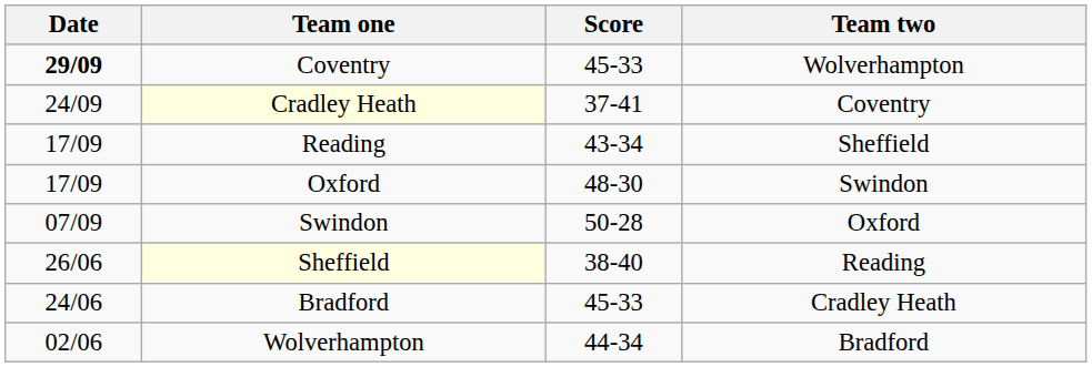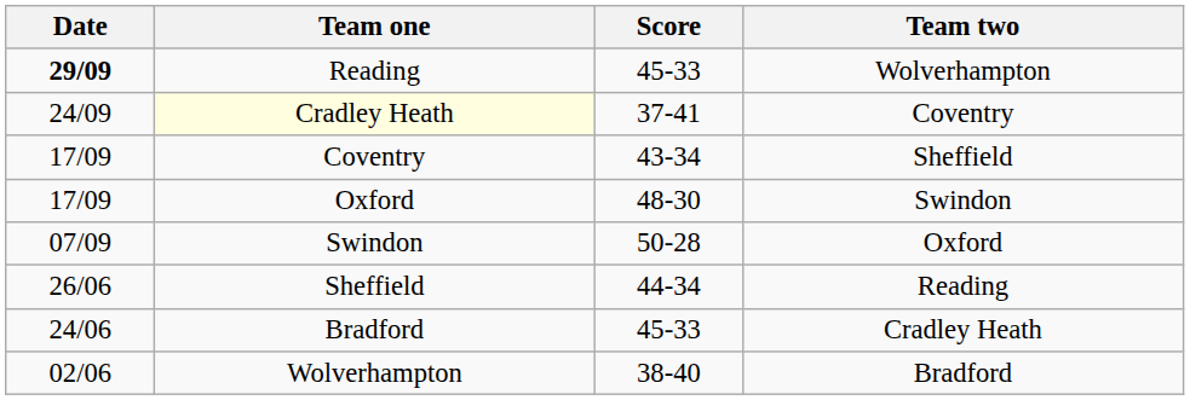 <table class="wikitable" style="text-align: center">
 <tr>
 <th width=80>Date</th>
 <th width=250>Team one</th>
 <th width=80>Score</th>
 <th width=250>Team two</th>
 </tr>
 <tr>
 <td><strong>29/09</strong></td>
-<td>Coventry</td>
+<td>Reading</td>
 <td>45-33</td>
 <td>Wolverhampton</td>
 </tr>
 <tr>
 <td>24/09</td>
 <td style="background: lightyellow;">Cradley Heath</td>
 <td>37-41</td>
 <td>Coventry</td>
 </tr>
 <tr>
 <td>17/09</td>
-<td>Reading</td>
+<td>Coventry</td>
 <td>43-34</td>
 <td>Sheffield</td>
 </tr>
 <tr>
 <td>17/09</td>
 <td>Oxford</td>
 <td>48-30</td>
 <td>Swindon</td>
 </tr>
 <tr>
 <td>07/09</td>
 <td>Swindon</td>
 <td>50-28</td>
 <td>Oxford</td>
 </tr>
 <tr>
 <td>26/06</td>
-<td style="background: lightyellow;">Sheffield</td>
-<td>38-40</td>
+<td>Sheffield</td>
+<td>44-34</td>
 <td>Reading</td>
 </tr>
 <tr>
 <td>24/06</td>
 <td>Bradford</td>
 <td>45-33</td>
 <td>Cradley Heath</td>
 </tr>
 <tr>
 <td>02/06</td>
 <td>Wolverhampton</td>
-<td>44-34</td>
+<td>38-40</td>
 <td>Bradford</td>
 </tr>
 </table>
